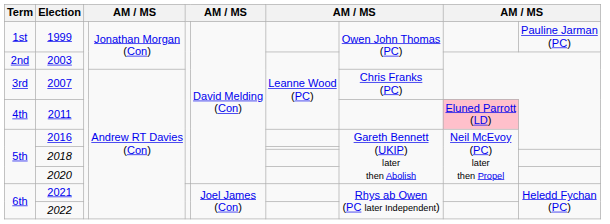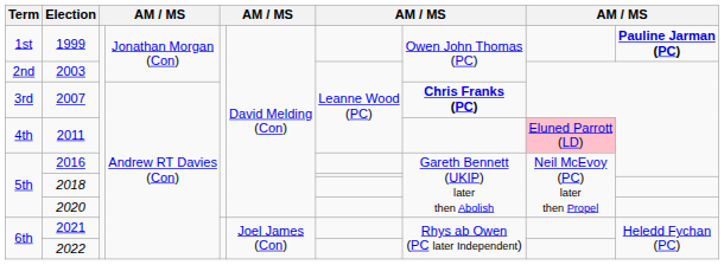 <table class="wikitable" style="text-align:center">
 <tr>
 <th>Term</th>
 <th>Election</th>
 <th colspan="2">AM / MS</th>
 <th colspan="2">AM / MS</th>
 <th colspan="2">AM / MS</th>
 <th colspan="2">AM / MS</th>
 </tr>
 <tr>
 <td><a href='#'>1st</a></td>
 <td><a href='#'>1999</a></td>
 <td rowspan="10" style="color:inherit;background:"></td>
 <td rowspan="2"><a href='#'>Jonathan Morgan</a><br>(<a href='#'>Con</a>)</td>
 <td rowspan="8" style="color:inherit;background:"></td>
 <td rowspan="8"><a href='#'>David Melding</a><br>(<a href='#'>Con</a>)</td>
 <td></td>
 <td rowspan="2"><a href='#'>Owen John Thomas</a><br>(<a href='#'>PC</a>)</td>
 <td></td>
-<td><a href='#'>Pauline Jarman</a><br>(<a href='#'>PC</a>)</td>
+<td><strong><a href='#'>Pauline Jarman</a><br>(<a href='#'>PC</a>)</strong></td>
 </tr>
 <tr>
 <td><a href='#'>2nd</a></td>
 <td><a href='#'>2003</a></td>
 <td rowspan="3"><a href='#'>Leanne Wood</a><br>(<a href='#'>PC</a>)</td>
 </tr>
 <tr>
 <td><a href='#'>3rd</a></td>
 <td><a href='#'>2007</a></td>
 <td rowspan="8"><a href='#'>Andrew RT Davies</a><br>(<a href='#'>Con</a>)</td>
-<td><a href='#'>Chris Franks</a><br>(<a href='#'>PC</a>)</td>
+<td><strong><a href='#'>Chris Franks</a><br>(<a href='#'>PC</a>)</strong></td>
 </tr>
 <tr>
 <td><a href='#'>4th</a></td>
 <td><a href='#'>2011</a></td>
 <td style="color:inherit;background:"></td>
 <td style="background: pink;"><a href='#'>Eluned Parrott</a><br>(<a href='#'>LD</a>)</td>
 </tr>
 <tr>
 <td rowspan="4"><a href='#'>5th</a></td>
 <td><a href='#'>2016</a></td>
 <td style="color:inherit;background:"></td>
 <td rowspan="4"><a href='#'>Gareth Bennett</a><br>(<a href='#'>UKIP</a>) <br> <small>later <a href='#'></a><br> then <a href='#'>Abolish</a></small></td>
 <td rowspan="4"><a href='#'>Neil McEvoy</a><br>(<a href='#'>PC</a>) <br> <small>later <a href='#'></a><br> then <a href='#'>Propel</a></small></td>
 </tr>
 <tr>
 <td rowspan="2"><em>2018</em></td>
 </tr>
 <tr>
 <td style="color:inherit;background-color: "></td>
 <td style="color:inherit;background-color: "></td>
 </tr>
 <tr>
 <td><em>2020</em></td>
 <td style="color:inherit;background:"></td>
 <td style="color:inherit;background:"></td>
 </tr>
 <tr>
 <td rowspan="2"><a href='#'>6th</a></td>
 <td><a href='#'>2021</a></td>
 <td rowspan="2" style="color:inherit;background:"></td>
 <td rowspan="2"><a href='#'>Joel James</a><br>(<a href='#'>Con</a>)</td>
 <td></td>
 <td rowspan="2"><a href='#'>Rhys ab Owen</a><br>(<a href='#'>PC</a> <small>later Independent</small>)</td>
 <td></td>
 <td rowspan="2"><a href='#'>Heledd Fychan</a><br>(<a href='#'>PC</a>)</td>
 </tr>
 <tr>
 <td><em>2022</em></td>
 </tr>
 </table>
